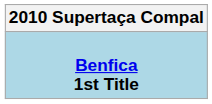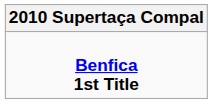 <table class=wikitable style="text-align:center; margin:auto">
 <tr>
 <th>2010 Supertaça Compal</th>
 </tr>
 <tr>
-<td style="background: lightblue;"><br><strong><a href='#'>Benfica</a></strong><br><strong>1st Title</strong></td>
+<td><br><strong><a href='#'>Benfica</a></strong><br><strong>1st Title</strong></td>
 </tr>
 </table>
